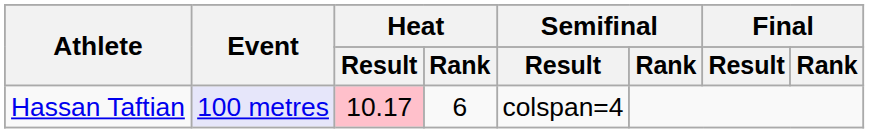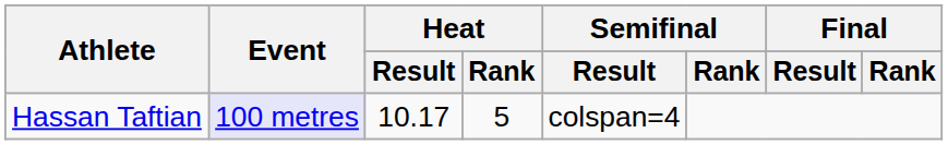 <table class="wikitable" style="font-size:90%">
 <tr>
 <th rowspan="2">Athlete</th>
 <th rowspan="2">Event</th>
 <th colspan="2">Heat</th>
 <th colspan="2">Semifinal</th>
 <th colspan="2">Final</th>
 </tr>
 <tr style="font-size:95%">
 <th>Result</th>
 <th>Rank</th>
 <th>Result</th>
 <th>Rank</th>
 <th>Result</th>
 <th>Rank</th>
 </tr>
 <tr align=center>
 <td align=left><a href='#'>Hassan Taftian</a></td>
 <td align=left style="background: lavender;"><a href='#'>100 metres</a></td>
-<td style="background: pink;">10.17</td>
-<td>6</td>
+<td>10.17</td>
+<td>5</td>
 <td>colspan=4 </td>
 </tr>
 </table>
